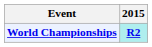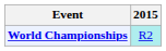 <table style='font-size: 90%; text-align:center;' class='wikitable'>
 <tr>
 <th>Event</th>
 <th>2015</th>
 </tr>
 <tr>
 <td bgcolor="#ECF2FF"; align="left"><strong><a href='#'>World Championships</a></strong></td>
-<td bgcolor=AFEEEE><strong><a href='#'>R2</a></strong></td>
+<td bgcolor=AFEEEE><a href='#'>R2</a></td>
 </tr>
 </table>
